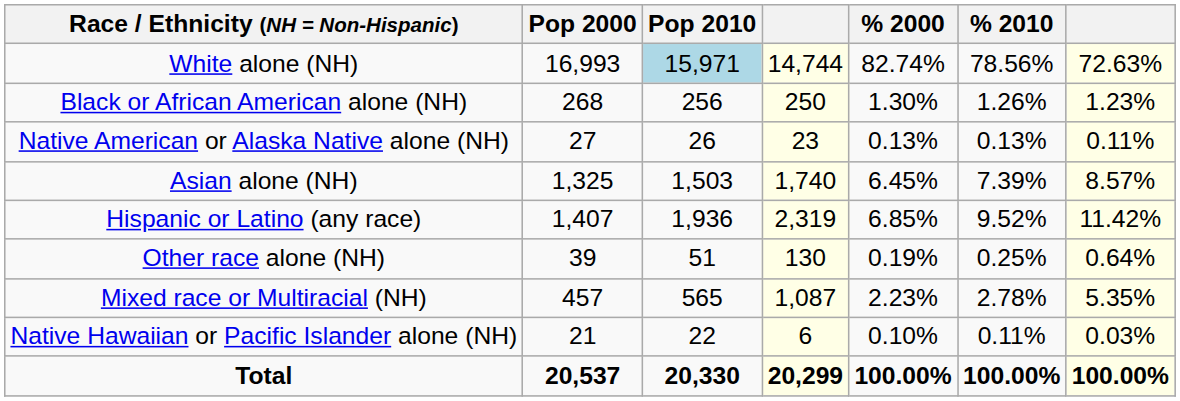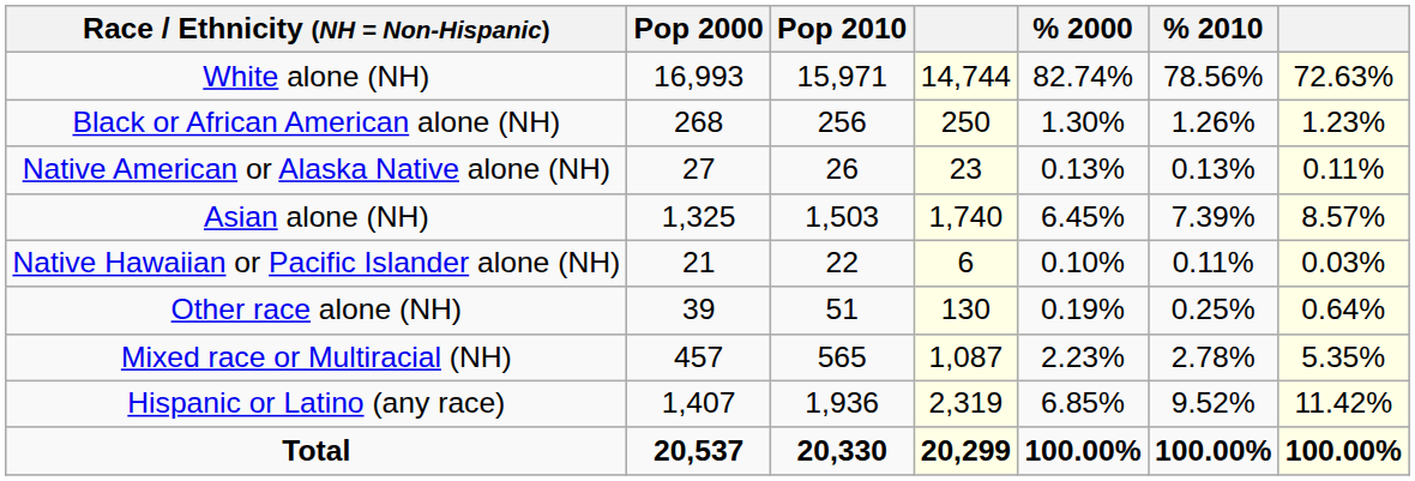 <table class="wikitable" style="text-align:center;">
 <tr>
 <th>Race / Ethnicity <small>(<em>NH = Non-Hispanic</em>)</small></th>
 <th>Pop 2000</th>
 <th>Pop 2010</th>
 <th></th>
 <th>% 2000</th>
 <th>% 2010</th>
 <th></th>
 </tr>
 <tr>
 <td><a href='#'>White</a> alone (NH)</td>
 <td>16,993</td>
-<td style="background: lightblue;">15,971</td>
+<td>15,971</td>
 <td style='background: #ffffe6;'>14,744</td>
 <td>82.74%</td>
 <td>78.56%</td>
 <td style='background: #ffffe6;'>72.63%</td>
 </tr>
 <tr>
 <td><a href='#'>Black or African American</a> alone (NH)</td>
 <td>268</td>
 <td>256</td>
 <td style='background: #ffffe6;'>250</td>
 <td>1.30%</td>
 <td>1.26%</td>
 <td style='background: #ffffe6;'>1.23%</td>
 </tr>
 <tr>
 <td><a href='#'>Native American</a> or <a href='#'>Alaska Native</a> alone (NH)</td>
 <td>27</td>
 <td>26</td>
 <td style='background: #ffffe6;'>23</td>
 <td>0.13%</td>
 <td>0.13%</td>
 <td style='background: #ffffe6;'>0.11%</td>
 </tr>
 <tr>
 <td><a href='#'>Asian</a> alone (NH)</td>
 <td>1,325</td>
 <td>1,503</td>
 <td style='background: #ffffe6;'>1,740</td>
 <td>6.45%</td>
 <td>7.39%</td>
 <td style='background: #ffffe6;'>8.57%</td>
 </tr>
 <tr>
-<td><a href='#'>Hispanic or Latino</a> (any race)</td>
-<td>1,407</td>
-<td>1,936</td>
-<td style='background: #ffffe6;'>2,319</td>
-<td>6.85%</td>
-<td>9.52%</td>
-<td style='background: #ffffe6;'>11.42%</td>
+<td><a href='#'>Native Hawaiian</a> or <a href='#'>Pacific Islander</a> alone (NH)</td>
+<td>21</td>
+<td>22</td>
+<td style='background: #ffffe6;'>6</td>
+<td>0.10%</td>
+<td>0.11%</td>
+<td style='background: #ffffe6;'>0.03%</td>
 </tr>
 <tr>
 <td><a href='#'>Other race</a> alone (NH)</td>
 <td>39</td>
 <td>51</td>
 <td style='background: #ffffe6;'>130</td>
 <td>0.19%</td>
 <td>0.25%</td>
 <td style='background: #ffffe6;'>0.64%</td>
 </tr>
 <tr>
 <td><a href='#'>Mixed race or Multiracial</a> (NH)</td>
 <td>457</td>
 <td>565</td>
 <td style='background: #ffffe6;'>1,087</td>
 <td>2.23%</td>
 <td>2.78%</td>
 <td style='background: #ffffe6;'>5.35%</td>
 </tr>
 <tr>
-<td><a href='#'>Native Hawaiian</a> or <a href='#'>Pacific Islander</a> alone (NH)</td>
-<td>21</td>
-<td>22</td>
-<td style='background: #ffffe6;'>6</td>
-<td>0.10%</td>
-<td>0.11%</td>
-<td style='background: #ffffe6;'>0.03%</td>
+<td><a href='#'>Hispanic or Latino</a> (any race)</td>
+<td>1,407</td>
+<td>1,936</td>
+<td style='background: #ffffe6;'>2,319</td>
+<td>6.85%</td>
+<td>9.52%</td>
+<td style='background: #ffffe6;'>11.42%</td>
 </tr>
 <tr>
 <td><strong>Total</strong></td>
 <td><strong>20,537</strong></td>
 <td><strong>20,330</strong></td>
 <td style='background: #ffffe6;'><strong>20,299</strong></td>
 <td><strong>100.00%</strong></td>
 <td><strong>100.00%</strong></td>
 <td style='background: #ffffe6;'><strong>100.00%</strong></td>
 </tr>
 </table>
